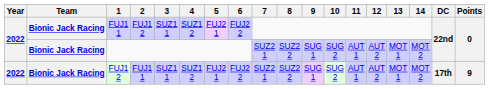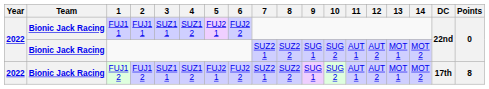 <table class="wikitable" style="text-align:center; font-size:85%">
 <tr>
 <th>Year</th>
 <th>Team</th>
 <th>1</th>
 <th>2</th>
 <th>3</th>
 <th>4</th>
 <th>5</th>
 <th>6</th>
 <th>7</th>
 <th>8</th>
 <th>9</th>
 <th>10</th>
 <th>11</th>
 <th>12</th>
 <th>13</th>
 <th>14</th>
 <th>DC</th>
 <th>Points</th>
 </tr>
 <tr>
 <th rowspan="2"><a href='#'>2022</a></th>
 <th><a href='#'>Bionic Jack Racing</a></th>
 <td style="background:#CFCFFF;"><a href='#'>FUJ1<br>1</a><br></td>
-<td style="background:#CFCFFF;"><a href='#'>FUJ1<br>2</a><br></td>
+<td style="background:#CFCFFF;"><a href='#'>FUJ1<br>1</a><br></td>
 <td style="background:#CFCFFF;"><a href='#'>SUZ1<br>1</a><br></td>
 <td style="background:#CFCFFF;"><a href='#'>SUZ1<br>2</a><br></td>
 <td style="background:#EFCFFF;"><a href='#'>FUJ2<br>1</a><br></td>
 <td style="background:#CFCFFF;"><a href='#'>FUJ2<br>2</a><br></td>
 <td colspan="8"></td>
 <th rowspan="2">22nd</th>
 <th rowspan="2">0</th>
 </tr>
 <tr>
 <th><a href='#'>Bionic Jack Racing</a></th>
 <td colspan="6"></td>
 <td style="background:#CFCFFF;"><a href='#'>SUZ2<br>1</a><br></td>
 <td style="background:#CFCFFF;"><a href='#'>SUZ2<br>2</a><br></td>
 <td style="background:#CFCFFF;"><a href='#'>SUG<br>1</a><br></td>
 <td style="background:#CFCFFF;"><a href='#'>SUG<br>2</a><br></td>
 <td style="background:#CFCFFF;"><a href='#'>AUT<br>1</a><br></td>
 <td style="background:#CFCFFF;"><a href='#'>AUT<br>2</a><br></td>
 <td style="background:#CFCFFF;"><a href='#'>MOT<br>1</a><br></td>
 <td style="background:#CFCFFF;"><a href='#'>MOT<br>2</a><br></td>
 </tr>
 <tr>
 <th><a href='#'>2022</a></th>
 <th><a href='#'>Bionic Jack Racing</a></th>
 <td style="background:#DFFFDF;"><a href='#'>FUJ1<br>2</a><br></td>
-<td style="background:#CFCFFF;"><a href='#'>FUJ1<br>1</a><br></td>
+<td style="background:#CFCFFF;"><a href='#'>FUJ1<br>2</a><br></td>
 <td style="background:#CFCFFF;"><a href='#'>SUZ1<br>1</a><br></td>
 <td style="background:#CFCFFF;"><a href='#'>SUZ1<br>2</a><br></td>
 <td style="background:#CFCFFF;"><a href='#'>FUJ2<br>1</a><br></td>
 <td style="background:#CFCFFF;"><a href='#'>FUJ2<br>2</a><br></td>
 <td style="background:#CFCFFF;"><a href='#'>SUZ2<br>1</a><br></td>
 <td style="background:#CFCFFF;"><a href='#'>SUZ2<br>2</a><br></td>
 <td style="background:#EFCFFF;"><a href='#'>SUG<br>1</a><br></td>
 <td style="background:#DFFFDF;"><a href='#'>SUG<br>2</a><br></td>
 <td style="background:#CFCFFF;"><a href='#'>AUT<br>1</a><br></td>
 <td style="background:#CFCFFF;"><a href='#'>AUT<br>2</a><br></td>
 <td style="background:#CFCFFF;"><a href='#'>MOT<br>1</a><br></td>
 <td style="background:#CFCFFF;"><a href='#'>MOT<br>2</a><br></td>
 <th>17th</th>
-<th>9</th>
+<th>8</th>
 </tr>
 </table>
